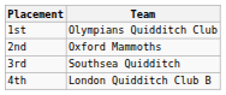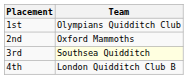 <table class="wikitable">
 <tr>
 <th>Placement</th>
 <th>Team</th>
 </tr>
 <tr>
 <td>1st</td>
 <td>Olympians Quidditch Club</td>
 </tr>
 <tr>
 <td>2nd</td>
 <td>Oxford Mammoths</td>
 </tr>
 <tr>
 <td>3rd</td>
-<td>Southsea Quidditch</td>
+<td style="background: lightyellow;">Southsea Quidditch</td>
 </tr>
 <tr>
 <td>4th</td>
 <td>London Quidditch Club B</td>
 </tr>
 </table>
